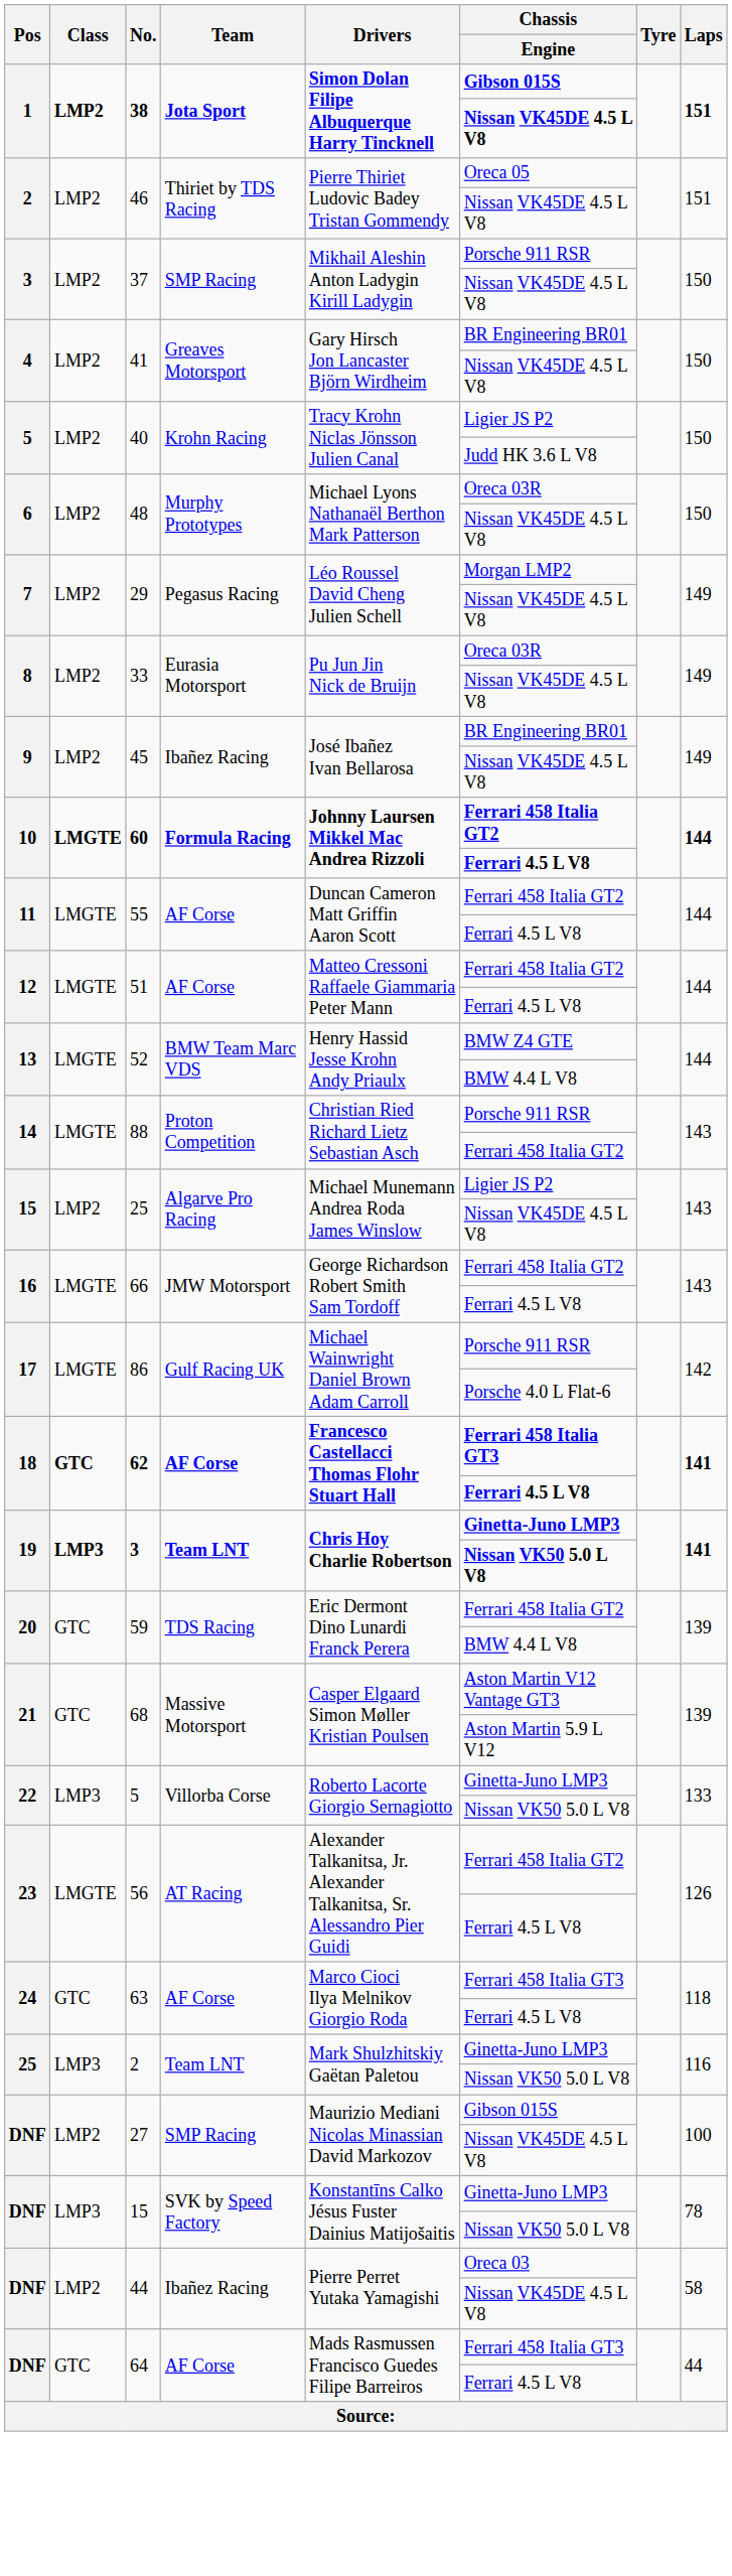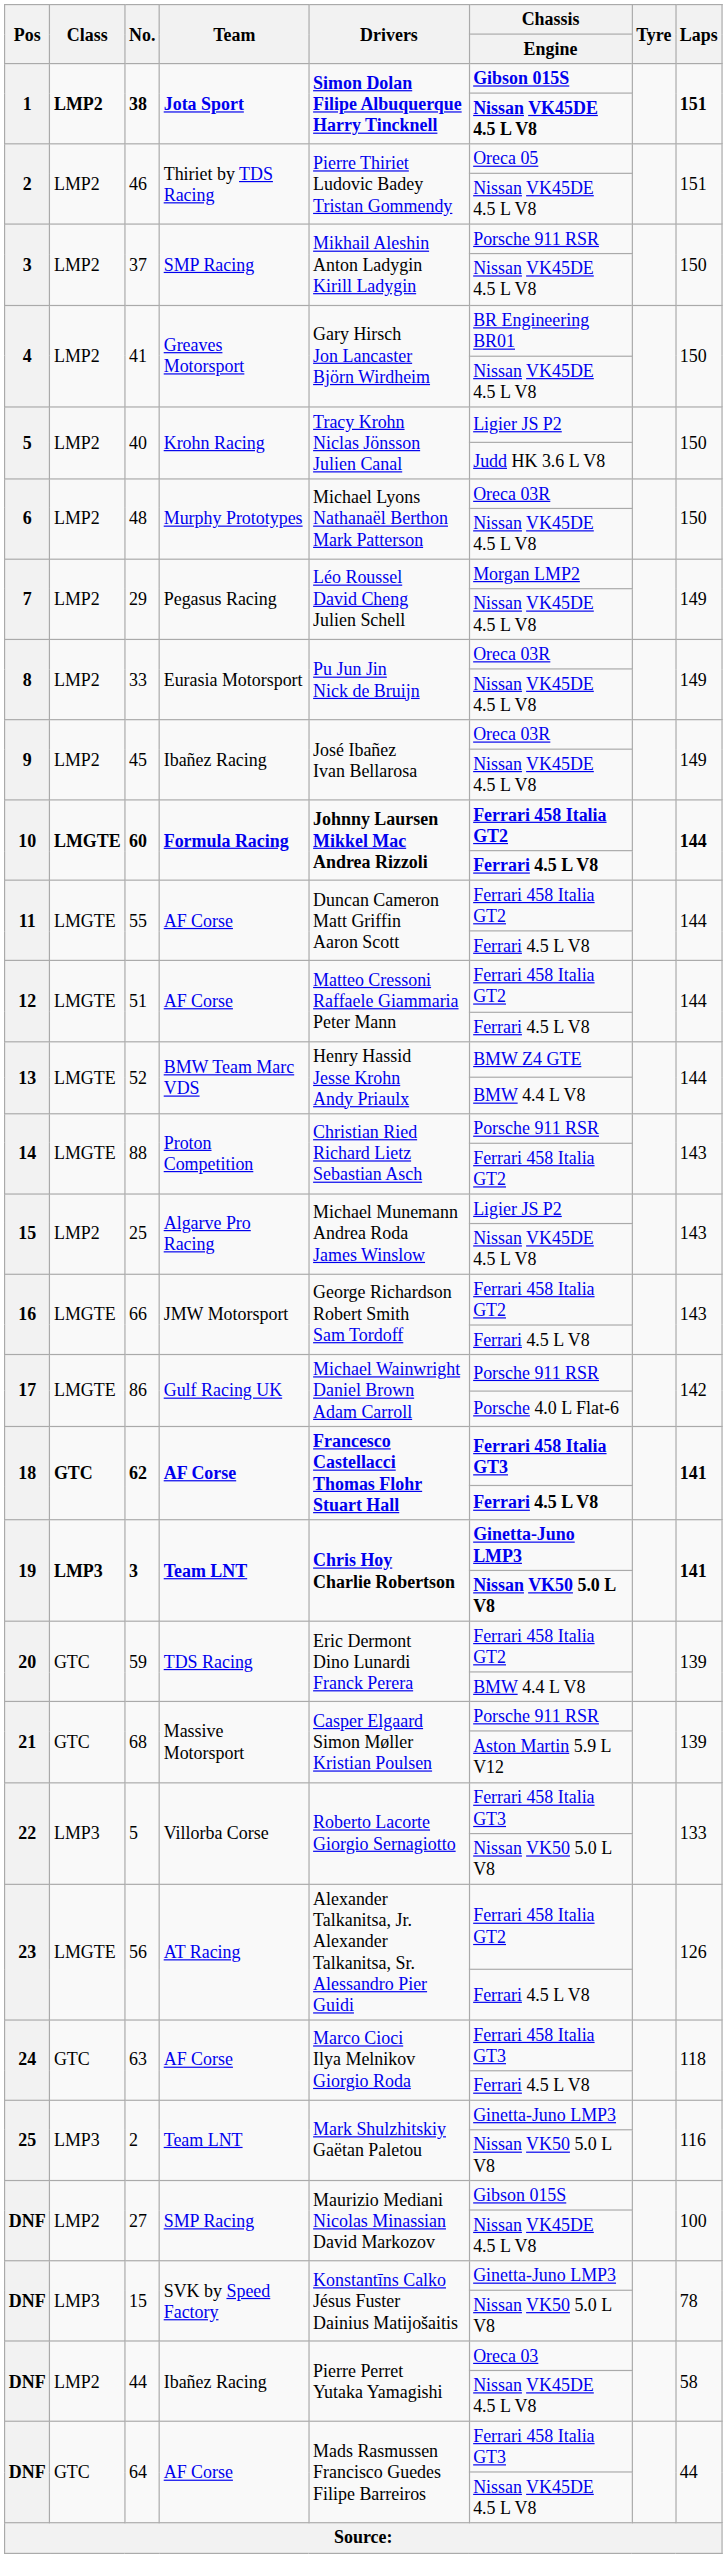 <table class="wikitable" style="font-size: 95%;">
 <tr>
 <th rowspan=2>Pos</th>
 <th rowspan=2>Class</th>
 <th rowspan=2>No.</th>
 <th rowspan=2>Team</th>
 <th rowspan=2>Drivers</th>
 <th>Chassis</th>
 <th rowspan=2>Tyre</th>
 <th rowspan=2>Laps</th>
 </tr>
 <tr>
 <th>Engine</th>
 </tr>
 <tr>
 <th rowspan=2>1</th>
 <td rowspan=2><strong>LMP2</strong></td>
 <td rowspan=2><strong>38</strong></td>
 <td rowspan=2><strong> <a href='#'>Jota Sport</a></strong></td>
 <td rowspan=2><strong> <a href='#'>Simon Dolan</a><br> <a href='#'>Filipe Albuquerque</a><br> <a href='#'>Harry Tincknell</a></strong></td>
 <td><a href='#'><strong>Gibson 015S</strong></a></td>
 <td rowspan=2></td>
 <td rowspan=2><strong>151</strong></td>
 </tr>
 <tr>
 <td><strong><a href='#'>Nissan</a> <a href='#'>VK45DE</a> 4.5 L V8</strong></td>
 </tr>
 <tr>
 <th rowspan=2>2</th>
 <td rowspan=2>LMP2</td>
 <td rowspan=2>46</td>
 <td rowspan=2> Thiriet by <a href='#'>TDS Racing</a></td>
 <td rowspan=2> <a href='#'>Pierre Thiriet</a><br> Ludovic Badey<br> <a href='#'>Tristan Gommendy</a></td>
 <td><a href='#'>Oreca 05</a></td>
 <td rowspan=2></td>
 <td rowspan=2>151</td>
 </tr>
 <tr>
 <td><a href='#'>Nissan</a> <a href='#'>VK45DE</a> 4.5 L V8</td>
 </tr>
 <tr>
 <th rowspan=2>3</th>
 <td rowspan=2>LMP2</td>
 <td rowspan=2>37</td>
 <td rowspan=2> <a href='#'>SMP Racing</a></td>
 <td rowspan=2> <a href='#'>Mikhail Aleshin</a><br> Anton Ladygin<br> <a href='#'>Kirill Ladygin</a></td>
 <td><a href='#'>Porsche 911 RSR</a></td>
 <td rowspan=2></td>
 <td rowspan=2>150</td>
 </tr>
 <tr>
 <td><a href='#'>Nissan</a> <a href='#'>VK45DE</a> 4.5 L V8</td>
 </tr>
 <tr>
 <th rowspan=2>4</th>
 <td rowspan=2>LMP2</td>
 <td rowspan=2>41</td>
 <td rowspan=2> <a href='#'>Greaves Motorsport</a></td>
 <td rowspan=2> Gary Hirsch<br> <a href='#'>Jon Lancaster</a><br> <a href='#'>Björn Wirdheim</a></td>
 <td><a href='#'>BR Engineering BR01</a></td>
 <td rowspan=2></td>
 <td rowspan=2>150</td>
 </tr>
 <tr>
 <td><a href='#'>Nissan</a> <a href='#'>VK45DE</a> 4.5 L V8</td>
 </tr>
 <tr>
 <th rowspan=2>5</th>
 <td rowspan=2>LMP2</td>
 <td rowspan=2>40</td>
 <td rowspan=2> <a href='#'>Krohn Racing</a></td>
 <td rowspan=2> <a href='#'>Tracy Krohn</a><br> <a href='#'>Niclas Jönsson</a><br> <a href='#'>Julien Canal</a></td>
 <td><a href='#'>Ligier JS P2</a></td>
 <td rowspan=2></td>
 <td rowspan=2>150</td>
 </tr>
 <tr>
 <td><a href='#'>Judd</a> HK 3.6 L V8</td>
 </tr>
 <tr>
 <th rowspan=2>6</th>
 <td rowspan=2>LMP2</td>
 <td rowspan=2>48</td>
 <td rowspan=2> <a href='#'>Murphy Prototypes</a></td>
 <td rowspan=2> Michael Lyons<br> <a href='#'>Nathanaël Berthon</a><br> <a href='#'>Mark Patterson</a></td>
 <td><a href='#'>Oreca 03R</a></td>
 <td rowspan=2></td>
 <td rowspan=2>150</td>
 </tr>
 <tr>
 <td><a href='#'>Nissan</a> <a href='#'>VK45DE</a> 4.5 L V8</td>
 </tr>
 <tr>
 <th rowspan=2>7</th>
 <td rowspan=2>LMP2</td>
 <td rowspan=2>29</td>
 <td rowspan=2> Pegasus Racing</td>
 <td rowspan=2> <a href='#'>Léo Roussel</a><br> <a href='#'>David Cheng</a><br> Julien Schell</td>
 <td><a href='#'>Morgan LMP2</a></td>
 <td rowspan=2></td>
 <td rowspan=2>149</td>
 </tr>
 <tr>
 <td><a href='#'>Nissan</a> <a href='#'>VK45DE</a> 4.5 L V8</td>
 </tr>
 <tr>
 <th rowspan=2>8</th>
 <td rowspan=2>LMP2</td>
 <td rowspan=2>33</td>
 <td rowspan=2> Eurasia Motorsport</td>
 <td rowspan=2> <a href='#'>Pu Jun Jin</a><br> <a href='#'>Nick de Bruijn</a></td>
 <td><a href='#'>Oreca 03R</a></td>
 <td rowspan=2></td>
 <td rowspan=2>149</td>
 </tr>
 <tr>
 <td><a href='#'>Nissan</a> <a href='#'>VK45DE</a> 4.5 L V8</td>
 </tr>
 <tr>
 <th rowspan=2>9</th>
 <td rowspan=2>LMP2</td>
 <td rowspan=2>45</td>
 <td rowspan=2> Ibañez Racing</td>
 <td rowspan=2> José Ibañez<br> Ivan Bellarosa</td>
-<td><a href='#'>BR Engineering BR01</a></td>
+<td><a href='#'>Oreca 03R</a></td>
 <td rowspan=2></td>
 <td rowspan=2>149</td>
 </tr>
 <tr>
 <td><a href='#'>Nissan</a> <a href='#'>VK45DE</a> 4.5 L V8</td>
 </tr>
 <tr>
 <th rowspan=2>10</th>
 <td rowspan=2><strong>LMGTE</strong></td>
 <td rowspan=2><strong>60</strong></td>
 <td rowspan=2><strong> <a href='#'>Formula Racing</a></strong></td>
 <td rowspan=2><strong> Johnny Laursen<br> <a href='#'>Mikkel Mac</a><br> Andrea Rizzoli</strong></td>
 <td><a href='#'><strong>Ferrari 458 Italia GT2</strong></a></td>
 <td rowspan=2></td>
 <td rowspan=2><strong>144</strong></td>
 </tr>
 <tr>
 <td><strong><a href='#'>Ferrari</a> 4.5 L V8</strong></td>
 </tr>
 <tr>
 <th rowspan=2>11</th>
 <td rowspan=2>LMGTE</td>
 <td rowspan=2>55</td>
 <td rowspan=2> <a href='#'>AF Corse</a></td>
 <td rowspan=2> Duncan Cameron<br> Matt Griffin<br> Aaron Scott</td>
 <td><a href='#'>Ferrari 458 Italia GT2</a></td>
 <td rowspan=2></td>
 <td rowspan=2>144</td>
 </tr>
 <tr>
 <td><a href='#'>Ferrari</a> 4.5 L V8</td>
 </tr>
 <tr>
 <th rowspan=2>12</th>
 <td rowspan=2>LMGTE</td>
 <td rowspan=2>51</td>
 <td rowspan=2> <a href='#'>AF Corse</a></td>
 <td rowspan=2> <a href='#'>Matteo Cressoni</a><br> <a href='#'>Raffaele Giammaria</a><br> Peter Mann</td>
 <td><a href='#'>Ferrari 458 Italia GT2</a></td>
 <td rowspan=2></td>
 <td rowspan=2>144</td>
 </tr>
 <tr>
 <td><a href='#'>Ferrari</a> 4.5 L V8</td>
 </tr>
 <tr>
 <th rowspan=2>13</th>
 <td rowspan=2>LMGTE</td>
 <td rowspan=2>52</td>
 <td rowspan=2> <a href='#'>BMW Team Marc VDS</a></td>
 <td rowspan=2> Henry Hassid<br> <a href='#'>Jesse Krohn</a><br> <a href='#'>Andy Priaulx</a></td>
 <td><a href='#'>BMW Z4 GTE</a></td>
 <td rowspan=2></td>
 <td rowspan=2>144</td>
 </tr>
 <tr>
 <td><a href='#'>BMW</a> 4.4 L V8</td>
 </tr>
 <tr>
 <th rowspan=2>14</th>
 <td rowspan=2>LMGTE</td>
 <td rowspan=2>88</td>
 <td rowspan=2> <a href='#'>Proton Competition</a></td>
 <td rowspan=2> <a href='#'>Christian Ried</a><br> <a href='#'>Richard Lietz</a><br> <a href='#'>Sebastian Asch</a></td>
 <td><a href='#'>Porsche 911 RSR</a></td>
 <td rowspan=2></td>
 <td rowspan=2>143</td>
 </tr>
 <tr>
 <td><a href='#'>Ferrari 458 Italia GT2</a></td>
 </tr>
 <tr>
 <th rowspan=2>15</th>
 <td rowspan=2>LMP2</td>
 <td rowspan=2>25</td>
 <td rowspan=2> <a href='#'>Algarve Pro Racing</a></td>
 <td rowspan=2> Michael Munemann<br> Andrea Roda<br> <a href='#'>James Winslow</a></td>
 <td><a href='#'>Ligier JS P2</a></td>
 <td rowspan=2></td>
 <td rowspan=2>143</td>
 </tr>
 <tr>
 <td><a href='#'>Nissan</a> <a href='#'>VK45DE</a> 4.5 L V8</td>
 </tr>
 <tr>
 <th rowspan=2>16</th>
 <td rowspan=2>LMGTE</td>
 <td rowspan=2>66</td>
 <td rowspan=2> JMW Motorsport</td>
 <td rowspan=2> George Richardson<br> Robert Smith<br> <a href='#'>Sam Tordoff</a></td>
 <td><a href='#'>Ferrari 458 Italia GT2</a></td>
 <td rowspan=2></td>
 <td rowspan=2>143</td>
 </tr>
 <tr>
 <td><a href='#'>Ferrari</a> 4.5 L V8</td>
 </tr>
 <tr>
 <th rowspan=2>17</th>
 <td rowspan=2>LMGTE</td>
 <td rowspan=2>86</td>
 <td rowspan=2> <a href='#'>Gulf Racing UK</a></td>
 <td rowspan=2> <a href='#'>Michael Wainwright</a><br> <a href='#'>Daniel Brown</a><br> <a href='#'>Adam Carroll</a></td>
 <td><a href='#'>Porsche 911 RSR</a></td>
 <td rowspan=2></td>
 <td rowspan=2>142</td>
 </tr>
 <tr>
 <td><a href='#'>Porsche</a> 4.0 L Flat-6</td>
 </tr>
 <tr>
 <th rowspan=2>18</th>
 <td rowspan=2><strong>GTC</strong></td>
 <td rowspan=2><strong>62</strong></td>
 <td rowspan=2><strong> <a href='#'>AF Corse</a></strong></td>
 <td rowspan=2><strong> <a href='#'>Francesco Castellacci</a><br> <a href='#'>Thomas Flohr</a><br> <a href='#'>Stuart Hall</a></strong></td>
 <td><a href='#'><strong>Ferrari 458 Italia GT3</strong></a></td>
 <td rowspan=2></td>
 <td rowspan=2><strong>141</strong></td>
 </tr>
 <tr>
 <td><strong><a href='#'>Ferrari</a> 4.5 L V8</strong></td>
 </tr>
 <tr>
 <th rowspan=2>19</th>
 <td rowspan=2><strong>LMP3</strong></td>
 <td rowspan=2><strong>3</strong></td>
 <td rowspan=2><strong> <a href='#'>Team LNT</a></strong></td>
 <td rowspan=2><strong> <a href='#'>Chris Hoy</a><br> Charlie Robertson</strong></td>
 <td><a href='#'><strong>Ginetta-Juno LMP3</strong></a></td>
 <td rowspan=2></td>
 <td rowspan=2><strong>141</strong></td>
 </tr>
 <tr>
 <td><strong><a href='#'>Nissan</a> <a href='#'>VK50</a> 5.0 L V8</strong></td>
 </tr>
 <tr>
 <th rowspan=2>20</th>
 <td rowspan=2>GTC</td>
 <td rowspan=2>59</td>
 <td rowspan=2> <a href='#'>TDS Racing</a></td>
 <td rowspan=2> Eric Dermont<br> Dino Lunardi<br> <a href='#'>Franck Perera</a></td>
 <td><a href='#'>Ferrari 458 Italia GT2</a></td>
 <td rowspan=2></td>
 <td rowspan=2>139</td>
 </tr>
 <tr>
 <td><a href='#'>BMW</a> 4.4 L V8</td>
 </tr>
 <tr>
 <th rowspan=2>21</th>
 <td rowspan=2>GTC</td>
 <td rowspan=2>68</td>
 <td rowspan=2> Massive Motorsport</td>
 <td rowspan=2> <a href='#'>Casper Elgaard</a><br> Simon Møller<br> <a href='#'>Kristian Poulsen</a></td>
-<td><a href='#'>Aston Martin V12 Vantage GT3</a></td>
+<td><a href='#'>Porsche 911 RSR</a></td>
 <td rowspan=2></td>
 <td rowspan=2>139</td>
 </tr>
 <tr>
 <td><a href='#'>Aston Martin</a> 5.9 L V12</td>
 </tr>
 <tr>
 <th rowspan=2>22</th>
 <td rowspan=2>LMP3</td>
 <td rowspan=2>5</td>
 <td rowspan=2> Villorba Corse</td>
 <td rowspan=2> <a href='#'>Roberto Lacorte</a><br> <a href='#'>Giorgio Sernagiotto</a></td>
-<td><a href='#'>Ginetta-Juno LMP3</a></td>
+<td><a href='#'>Ferrari 458 Italia GT3</a></td>
 <td rowspan=2></td>
 <td rowspan=2>133</td>
 </tr>
 <tr>
 <td><a href='#'>Nissan</a> <a href='#'>VK50</a> 5.0 L V8</td>
 </tr>
 <tr>
 <th rowspan=2>23</th>
 <td rowspan=2>LMGTE</td>
 <td rowspan=2>56</td>
 <td rowspan=2> <a href='#'>AT Racing</a></td>
 <td rowspan=2> Alexander Talkanitsa, Jr.<br> Alexander Talkanitsa, Sr.<br> <a href='#'>Alessandro Pier Guidi</a></td>
 <td><a href='#'>Ferrari 458 Italia GT2</a></td>
 <td rowspan=2></td>
 <td rowspan=2>126</td>
 </tr>
 <tr>
 <td><a href='#'>Ferrari</a> 4.5 L V8</td>
 </tr>
 <tr>
 <th rowspan=2>24</th>
 <td rowspan=2>GTC</td>
 <td rowspan=2>63</td>
 <td rowspan=2> <a href='#'>AF Corse</a></td>
 <td rowspan=2> <a href='#'>Marco Cioci</a><br> Ilya Melnikov<br> <a href='#'>Giorgio Roda</a></td>
 <td><a href='#'>Ferrari 458 Italia GT3</a></td>
 <td rowspan=2></td>
 <td rowspan=2>118</td>
 </tr>
 <tr>
 <td><a href='#'>Ferrari</a> 4.5 L V8</td>
 </tr>
 <tr>
 <th rowspan=2>25</th>
 <td rowspan=2>LMP3</td>
 <td rowspan=2>2</td>
 <td rowspan=2> <a href='#'>Team LNT</a></td>
 <td rowspan=2> <a href='#'>Mark Shulzhitskiy</a><br> Gaëtan Paletou</td>
 <td><a href='#'>Ginetta-Juno LMP3</a></td>
 <td rowspan=2></td>
 <td rowspan=2>116</td>
 </tr>
 <tr>
 <td><a href='#'>Nissan</a> <a href='#'>VK50</a> 5.0 L V8</td>
 </tr>
 <tr>
 <th rowspan="2">DNF</th>
 <td rowspan="2">LMP2</td>
 <td rowspan="2">27</td>
 <td rowspan="2"> <a href='#'>SMP Racing</a></td>
 <td rowspan="2"> Maurizio Mediani<br> <a href='#'>Nicolas Minassian</a><br> David Markozov</td>
 <td><a href='#'>Gibson 015S</a></td>
 <td rowspan="2"></td>
 <td rowspan="2">100</td>
 </tr>
 <tr>
 <td><a href='#'>Nissan</a> <a href='#'>VK45DE</a> 4.5 L V8</td>
 </tr>
 <tr>
 <th rowspan=2>DNF</th>
 <td rowspan=2>LMP3</td>
 <td rowspan=2>15</td>
 <td rowspan=2> SVK by <a href='#'>Speed Factory</a></td>
 <td rowspan=2> <a href='#'>Konstantīns Calko</a><br> Jésus Fuster<br> Dainius Matijošaitis</td>
 <td><a href='#'>Ginetta-Juno LMP3</a></td>
 <td rowspan=2></td>
 <td rowspan=2>78</td>
 </tr>
 <tr>
 <td><a href='#'>Nissan</a> <a href='#'>VK50</a> 5.0 L V8</td>
 </tr>
 <tr>
 <th rowspan=2>DNF</th>
 <td rowspan=2>LMP2</td>
 <td rowspan=2>44</td>
 <td rowspan=2> Ibañez Racing</td>
 <td rowspan=2> Pierre Perret<br> Yutaka Yamagishi</td>
 <td><a href='#'>Oreca 03</a></td>
 <td rowspan=2></td>
 <td rowspan=2>58</td>
 </tr>
 <tr>
 <td><a href='#'>Nissan</a> <a href='#'>VK45DE</a> 4.5 L V8</td>
 </tr>
 <tr>
 <th rowspan=2>DNF</th>
 <td rowspan=2>GTC</td>
 <td rowspan=2>64</td>
 <td rowspan=2> <a href='#'>AF Corse</a></td>
 <td rowspan=2> Mads Rasmussen<br> Francisco Guedes<br> Filipe Barreiros</td>
 <td><a href='#'>Ferrari 458 Italia GT3</a></td>
 <td rowspan=2></td>
 <td rowspan=2>44</td>
 </tr>
 <tr>
-<td><a href='#'>Ferrari</a> 4.5 L V8</td>
+<td><a href='#'>Nissan</a> <a href='#'>VK45DE</a> 4.5 L V8</td>
 </tr>
 <tr>
 <th colspan="8">Source:</th>
 </tr>
 </table>
